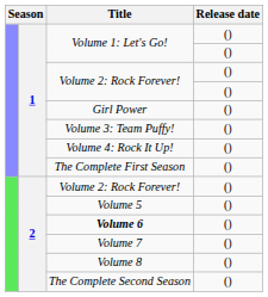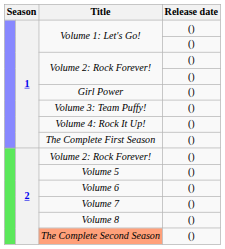 <table class="wikitable sortable" style="text-align: center">
 <tr>
 <th colspan=2>Season</th>
 <th>Title</th>
 <th>Release date</th>
 </tr>
 <tr>
 <th rowspan=8 style="background:#8888FF"></th>
 <th rowspan=8><a href='#'>1</a></th>
 <td rowspan=2><em>Volume 1: Let's Go!</em></td>
 <td> ()</td>
 </tr>
 <tr>
 <td> ()</td>
 </tr>
 <tr>
 <td rowspan=2><em>Volume 2: Rock Forever!</em></td>
 <td> ()</td>
 </tr>
 <tr>
 <td> ()</td>
 </tr>
 <tr>
 <td><em>Girl Power</em></td>
 <td> ()</td>
 </tr>
 <tr>
 <td><em>Volume 3: Team Puffy!</em></td>
 <td> ()</td>
 </tr>
 <tr>
 <td><em>Volume 4: Rock It Up!</em></td>
 <td> ()</td>
 </tr>
 <tr>
 <td><em>The Complete First Season</em></td>
 <td> ()</td>
 </tr>
 <tr>
 <th rowspan=6 style="background:#5BE85B"></th>
 <th rowspan=6><a href='#'>2</a></th>
 <td><em>Volume 2: Rock Forever!</em></td>
 <td> ()</td>
 </tr>
 <tr>
 <td><em>Volume 5</em></td>
 <td> ()</td>
 </tr>
 <tr>
-<td><strong><em>Volume 6</em></strong></td>
+<td><em>Volume 6</em></td>
 <td> ()</td>
 </tr>
 <tr>
 <td><em>Volume 7</em></td>
 <td> ()</td>
 </tr>
 <tr>
 <td><em>Volume 8</em></td>
 <td> ()</td>
 </tr>
 <tr>
-<td><em>The Complete Second Season</em></td>
+<td style="background: lightsalmon;"><em>The Complete Second Season</em></td>
 <td> ()</td>
 </tr>
 </table>
